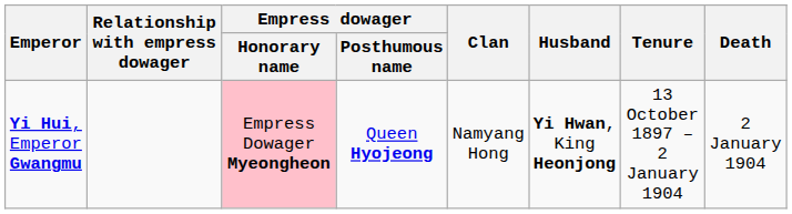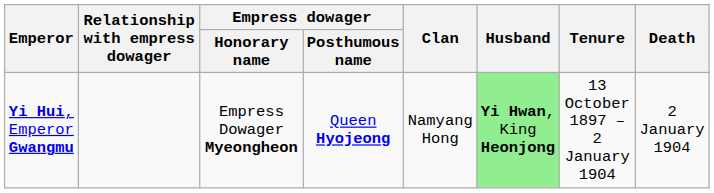 <table class="wikitable" width="95%">
 <tr>
 <th rowspan="2">Emperor</th>
 <th rowspan="2">Relationship with empress dowager</th>
 <th colspan="2">Empress dowager</th>
 <th rowspan="2">Clan</th>
 <th rowspan="2">Husband</th>
 <th rowspan="2">Tenure</th>
 <th rowspan="2">Death</th>
 </tr>
 <tr>
 <th>Honorary name</th>
 <th>Posthumous name</th>
 </tr>
 <tr>
 <td align="center"><a href='#'><strong>Yi Hui</strong>,<br>Emperor <strong>Gwangmu</strong></a></td>
 <td></td>
-<td align="center" style="background: pink;">Empress Dowager <strong>Myeongheon</strong></td>
+<td align="center">Empress Dowager <strong>Myeongheon</strong></td>
 <td align="center"><a href='#'>Queen <strong>Hyojeong</strong></a></td>
 <td align="center">Namyang Hong</td>
-<td align="center"><strong>Yi Hwan</strong>,<br>King <strong>Heonjong</strong></td>
+<td align="center" style="background: lightgreen;"><strong>Yi Hwan</strong>,<br>King <strong>Heonjong</strong></td>
 <td align="center">13 October 1897 – 2 January 1904</td>
 <td align="center">2 January 1904</td>
 </tr>
 </table>
